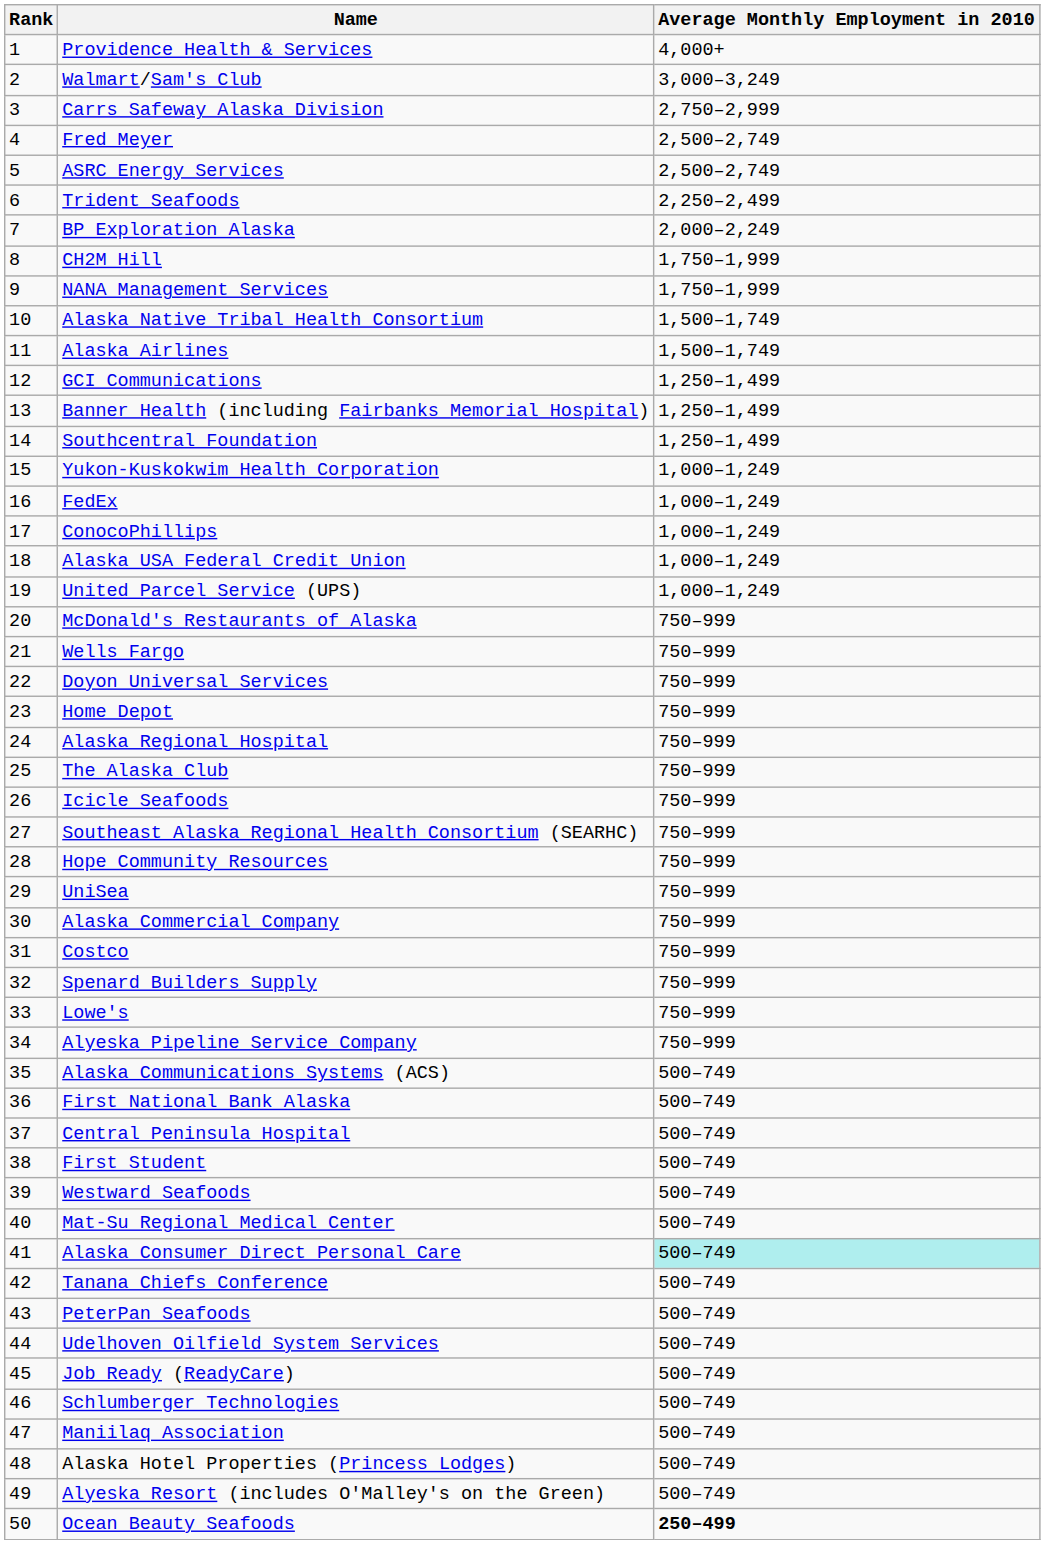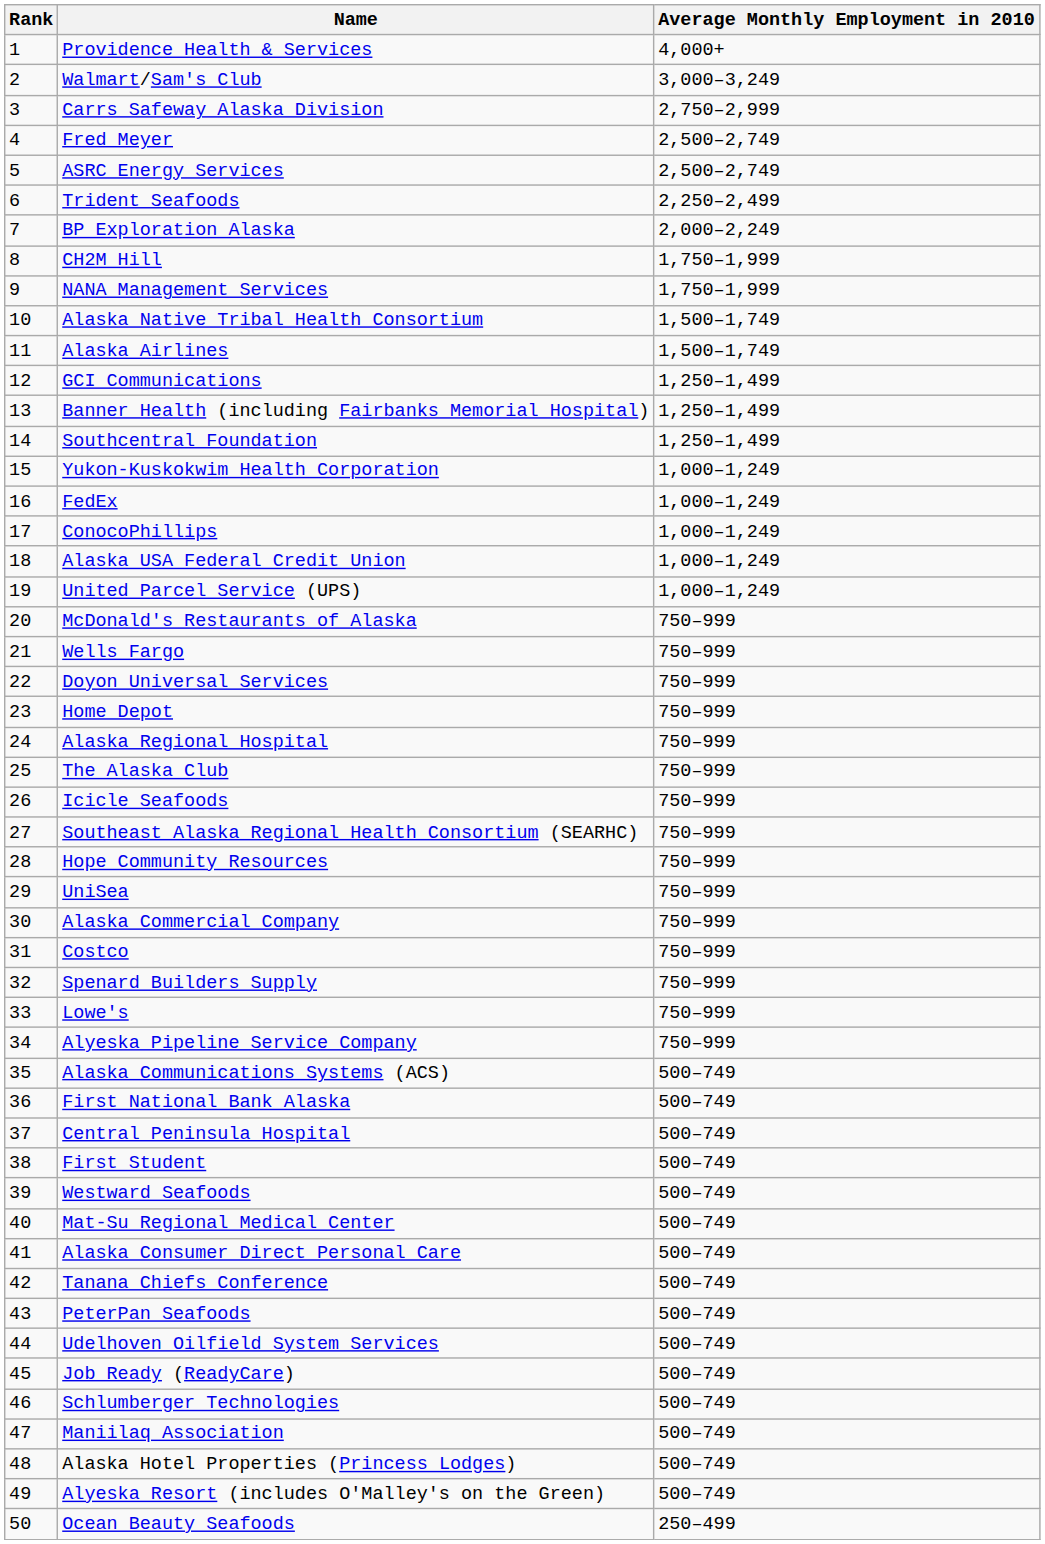 <table class="wikitable">
 <tr>
 <th>Rank</th>
 <th>Name</th>
 <th>Average Monthly Employment in 2010</th>
 </tr>
 <tr>
 <td>1</td>
 <td><a href='#'>Providence Health & Services</a></td>
 <td>4,000+</td>
 </tr>
 <tr>
 <td>2</td>
 <td><a href='#'>Walmart</a>/<a href='#'>Sam's Club</a></td>
 <td>3,000–3,249</td>
 </tr>
 <tr>
 <td>3</td>
 <td><a href='#'>Carrs Safeway Alaska Division</a></td>
 <td>2,750–2,999</td>
 </tr>
 <tr>
 <td>4</td>
 <td><a href='#'>Fred Meyer</a></td>
 <td>2,500–2,749</td>
 </tr>
 <tr>
 <td>5</td>
 <td><a href='#'>ASRC Energy Services</a></td>
 <td>2,500–2,749</td>
 </tr>
 <tr>
 <td>6</td>
 <td><a href='#'>Trident Seafoods</a></td>
 <td>2,250–2,499</td>
 </tr>
 <tr>
 <td>7</td>
 <td><a href='#'>BP Exploration Alaska</a></td>
 <td>2,000–2,249</td>
 </tr>
 <tr>
 <td>8</td>
 <td><a href='#'>CH2M Hill</a></td>
 <td>1,750–1,999</td>
 </tr>
 <tr>
 <td>9</td>
 <td><a href='#'>NANA Management Services</a></td>
 <td>1,750–1,999</td>
 </tr>
 <tr>
 <td>10</td>
 <td><a href='#'>Alaska Native Tribal Health Consortium</a></td>
 <td>1,500–1,749</td>
 </tr>
 <tr>
 <td>11</td>
 <td><a href='#'>Alaska Airlines</a></td>
 <td>1,500–1,749</td>
 </tr>
 <tr>
 <td>12</td>
 <td><a href='#'>GCI Communications</a></td>
 <td>1,250–1,499</td>
 </tr>
 <tr>
 <td>13</td>
 <td><a href='#'>Banner Health</a> (including <a href='#'>Fairbanks Memorial Hospital</a>)</td>
 <td>1,250–1,499</td>
 </tr>
 <tr>
 <td>14</td>
 <td><a href='#'>Southcentral Foundation</a></td>
 <td>1,250–1,499</td>
 </tr>
 <tr>
 <td>15</td>
 <td><a href='#'>Yukon-Kuskokwim Health Corporation</a></td>
 <td>1,000–1,249</td>
 </tr>
 <tr>
 <td>16</td>
 <td><a href='#'>FedEx</a></td>
 <td>1,000–1,249</td>
 </tr>
 <tr>
 <td>17</td>
 <td><a href='#'>ConocoPhillips</a></td>
 <td>1,000–1,249</td>
 </tr>
 <tr>
 <td>18</td>
 <td><a href='#'>Alaska USA Federal Credit Union</a></td>
 <td>1,000–1,249</td>
 </tr>
 <tr>
 <td>19</td>
 <td><a href='#'>United Parcel Service</a> (UPS)</td>
 <td>1,000–1,249</td>
 </tr>
 <tr>
 <td>20</td>
 <td><a href='#'>McDonald's Restaurants of Alaska</a></td>
 <td>750–999</td>
 </tr>
 <tr>
 <td>21</td>
 <td><a href='#'>Wells Fargo</a></td>
 <td>750–999</td>
 </tr>
 <tr>
 <td>22</td>
 <td><a href='#'>Doyon Universal Services</a></td>
 <td>750–999</td>
 </tr>
 <tr>
 <td>23</td>
 <td><a href='#'>Home Depot</a></td>
 <td>750–999</td>
 </tr>
 <tr>
 <td>24</td>
 <td><a href='#'>Alaska Regional Hospital</a></td>
 <td>750–999</td>
 </tr>
 <tr>
 <td>25</td>
 <td><a href='#'>The Alaska Club</a></td>
 <td>750–999</td>
 </tr>
 <tr>
 <td>26</td>
 <td><a href='#'>Icicle Seafoods</a></td>
 <td>750–999</td>
 </tr>
 <tr>
 <td>27</td>
 <td><a href='#'>Southeast Alaska Regional Health Consortium</a> (SEARHC)</td>
 <td>750–999</td>
 </tr>
 <tr>
 <td>28</td>
 <td><a href='#'>Hope Community Resources</a></td>
 <td>750–999</td>
 </tr>
 <tr>
 <td>29</td>
 <td><a href='#'>UniSea</a></td>
 <td>750–999</td>
 </tr>
 <tr>
 <td>30</td>
 <td><a href='#'>Alaska Commercial Company</a></td>
 <td>750–999</td>
 </tr>
 <tr>
 <td>31</td>
 <td><a href='#'>Costco</a></td>
 <td>750–999</td>
 </tr>
 <tr>
 <td>32</td>
 <td><a href='#'>Spenard Builders Supply</a></td>
 <td>750–999</td>
 </tr>
 <tr>
 <td>33</td>
 <td><a href='#'>Lowe's</a></td>
 <td>750–999</td>
 </tr>
 <tr>
 <td>34</td>
 <td><a href='#'>Alyeska Pipeline Service Company</a></td>
 <td>750–999</td>
 </tr>
 <tr>
 <td>35</td>
 <td><a href='#'>Alaska Communications Systems</a> (ACS)</td>
 <td>500–749</td>
 </tr>
 <tr>
 <td>36</td>
 <td><a href='#'>First National Bank Alaska</a></td>
 <td>500–749</td>
 </tr>
 <tr>
 <td>37</td>
 <td><a href='#'>Central Peninsula Hospital</a></td>
 <td>500–749</td>
 </tr>
 <tr>
 <td>38</td>
 <td><a href='#'>First Student</a></td>
 <td>500–749</td>
 </tr>
 <tr>
 <td>39</td>
 <td><a href='#'>Westward Seafoods</a></td>
 <td>500–749</td>
 </tr>
 <tr>
 <td>40</td>
 <td><a href='#'>Mat-Su Regional Medical Center</a></td>
 <td>500–749</td>
 </tr>
 <tr>
 <td>41</td>
 <td><a href='#'>Alaska Consumer Direct Personal Care</a></td>
-<td style="background: paleturquoise;">500–749</td>
+<td>500–749</td>
 </tr>
 <tr>
 <td>42</td>
 <td><a href='#'>Tanana Chiefs Conference</a></td>
 <td>500–749</td>
 </tr>
 <tr>
 <td>43</td>
 <td><a href='#'>PeterPan Seafoods</a></td>
 <td>500–749</td>
 </tr>
 <tr>
 <td>44</td>
 <td><a href='#'>Udelhoven Oilfield System Services</a></td>
 <td>500–749</td>
 </tr>
 <tr>
 <td>45</td>
 <td><a href='#'>Job Ready</a> (<a href='#'>ReadyCare</a>)</td>
 <td>500–749</td>
 </tr>
 <tr>
 <td>46</td>
 <td><a href='#'>Schlumberger Technologies</a></td>
 <td>500–749</td>
 </tr>
 <tr>
 <td>47</td>
 <td><a href='#'>Maniilaq Association</a></td>
 <td>500–749</td>
 </tr>
 <tr>
 <td>48</td>
 <td>Alaska Hotel Properties (<a href='#'>Princess Lodges</a>)</td>
 <td>500–749</td>
 </tr>
 <tr>
 <td>49</td>
 <td><a href='#'>Alyeska Resort</a> (includes O'Malley's on the Green)</td>
 <td>500–749</td>
 </tr>
 <tr>
 <td>50</td>
 <td><a href='#'>Ocean Beauty Seafoods</a></td>
-<td><strong>250–499</strong></td>
+<td>250–499</td>
 </tr>
 </table>
